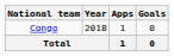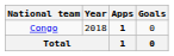 <table class="wikitable" style="text-align:center">
 <tr>
 <th>National team</th>
 <th>Year</th>
 <th>Apps</th>
 <th>Goals</th>
 </tr>
 <tr>
 <td rowspan="1"><a href='#'>Congo</a></td>
 <td>2018</td>
-<td>1</td>
+<td><strong>1</strong></td>
 <td>0</td>
 </tr>
 <tr>
 <th colspan=2>Total</th>
 <th>1</th>
 <th>0</th>
 </tr>
 </table>
